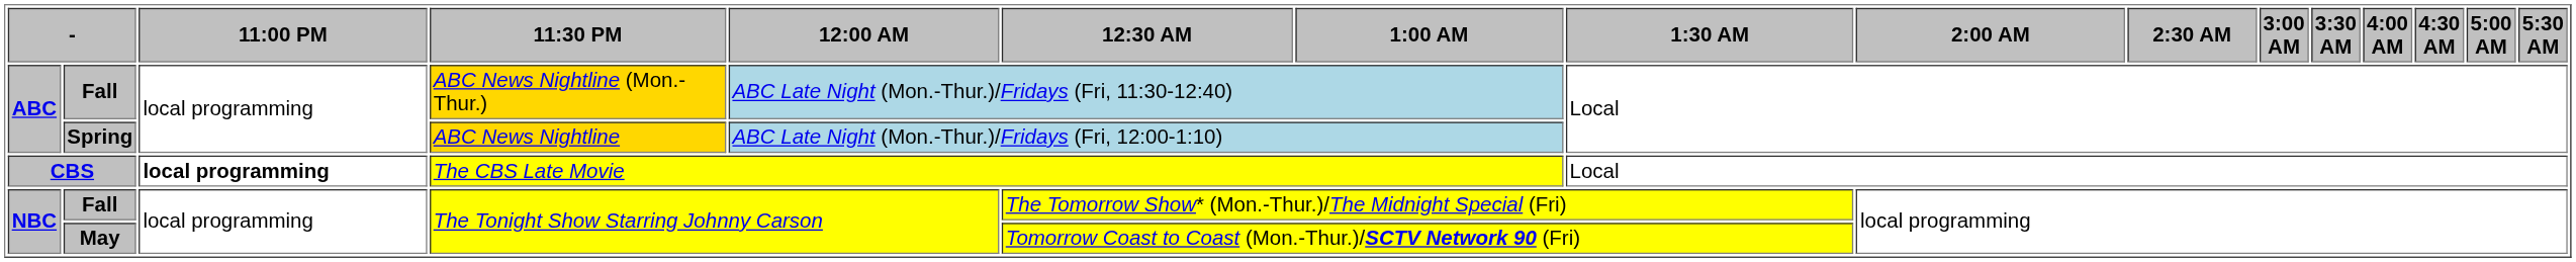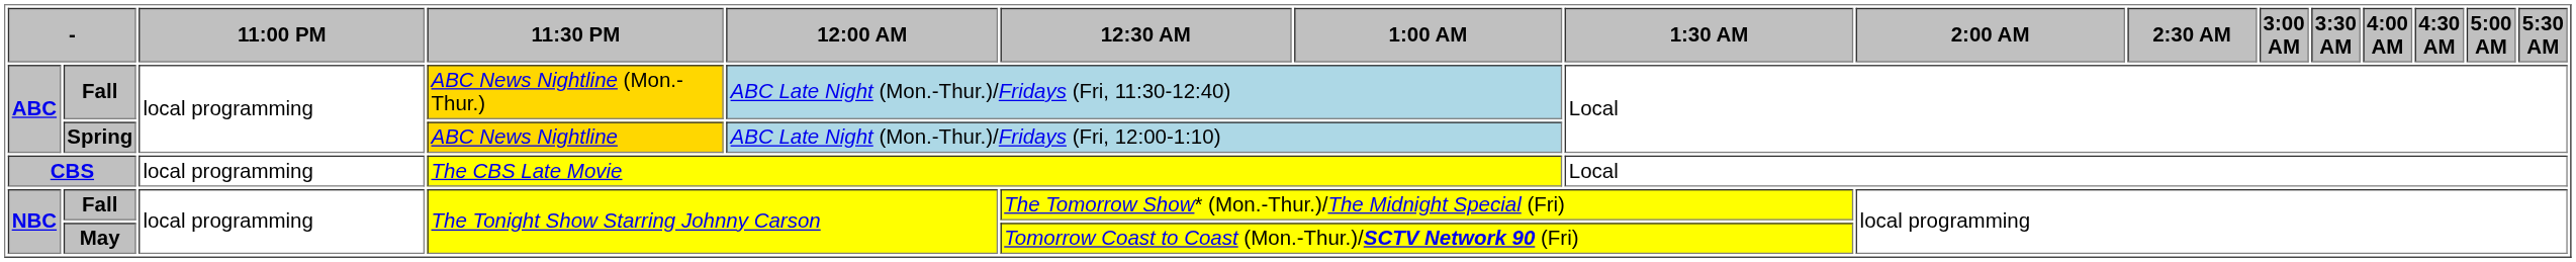 <table border="1" cellpadding="2">
 <tr>
 <th bgcolor="#C0C0C0" colspan=2>-</th>
 <th width="13%" bgcolor="#C0C0C0">11:00 PM</th>
 <th width="14%" bgcolor="#C0C0C0">11:30 PM</th>
 <th width="13%" bgcolor="#C0C0C0">12:00 AM</th>
 <th width="14%" bgcolor="#C0C0C0">12:30 AM</th>
 <th width="13%" bgcolor="#C0C0C0">1:00 AM</th>
 <th width="14%" bgcolor="#C0C0C0">1:30 AM</th>
 <th width="13%" bgcolor="#C0C0C0">2:00 AM</th>
 <th width="14%" bgcolor="#C0C0C0">2:30 AM</th>
 <th width="13%" bgcolor="#C0C0C0">3:00 AM</th>
 <th width="14%" bgcolor="#C0C0C0">3:30 AM</th>
 <th width="13%" bgcolor="#C0C0C0">4:00 AM</th>
 <th width="14%" bgcolor="#C0C0C0">4:30 AM</th>
 <th width="13%" bgcolor="#C0C0C0">5:00 AM</th>
 <th width="14%" bgcolor="#C0C0C0">5:30 AM</th>
 </tr>
 <tr>
 <th bgcolor="#C0C0C0" rowspan=2><a href='#'>ABC</a></th>
 <th bgcolor=#C0C0C0>Fall</th>
 <td bgcolor="white" rowspan=2>local programming</td>
 <td bgcolor="gold"><a href='#'><em>ABC News Nightline</em></a> (Mon.-Thur.)</td>
 <td bgcolor="lightblue" colspan="3"><em><a href='#'>ABC Late Night</a></em> (Mon.-Thur.)/<a href='#'><em>Fridays</em></a> (Fri, 11:30-12:40)</td>
 <td bgcolor="white" colspan="9" rowspan=2>Local</td>
 </tr>
 <tr>
 <th bgcolor=#C0C0C0>Spring</th>
 <td bgcolor="gold"><a href='#'><em>ABC News Nightline</em></a></td>
 <td bgcolor="lightblue" colspan="3"><em><a href='#'>ABC Late Night</a></em> (Mon.-Thur.)/<a href='#'><em>Fridays</em></a> (Fri, 12:00-1:10)</td>
 </tr>
 <tr>
 <th bgcolor="#C0C0C0" colspan=2><a href='#'>CBS</a></th>
-<td bgcolor="white"><strong>local programming</strong></td>
+<td bgcolor="white">local programming</td>
 <td bgcolor="yellow" colspan="4"><em><a href='#'>The CBS Late Movie</a></em></td>
 <td bgcolor="white" colspan="10">Local</td>
 </tr>
 <tr>
 <th bgcolor="#C0C0C0" rowspan=2><a href='#'>NBC</a></th>
 <th bgcolor=#C0C0C0>Fall</th>
 <td bgcolor="white" rowspan=2>local programming</td>
 <td bgcolor="yellow" colspan="2" rowspan=2><em><a href='#'>The Tonight Show Starring Johnny Carson</a></em></td>
 <td bgcolor="yellow" colspan="3"><em><a href='#'>The Tomorrow Show</a></em>* (Mon.-Thur.)/<a href='#'><em>The Midnight Special</em></a> (Fri)</td>
 <td bgcolor="white" colspan="8" rowspan=2>local programming</td>
 </tr>
 <tr>
 <th bgcolor=#C0C0C0>May</th>
 <td bgcolor="yellow" colspan="3"><em><a href='#'>Tomorrow Coast to Coast</a></em> (Mon.-Thur.)/<strong><a href='#'><em>SCTV Network 90</em></a></strong> (Fri)</td>
 </tr>
 </table>
